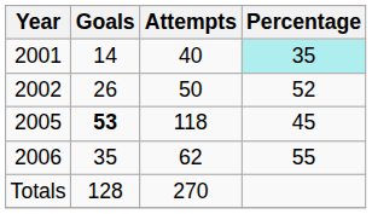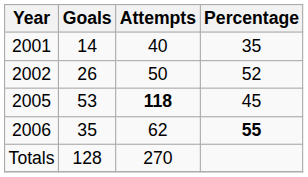 <table class="wikitable" style="text-align:center">
 <tr>
 <th bgcolor="#e5e5e5">Year</th>
 <th bgcolor="#e5e5e5">Goals</th>
 <th bgcolor="#e5e5e5">Attempts</th>
 <th bgcolor="#e5e5e5">Percentage</th>
 </tr>
 <tr>
 <td>2001</td>
 <td>14</td>
 <td>40</td>
-<td style="background: paleturquoise;">35</td>
+<td>35</td>
 </tr>
 <tr>
 <td>2002</td>
 <td>26</td>
 <td>50</td>
 <td>52</td>
 </tr>
 <tr>
 <td>2005</td>
-<td><strong>53</strong></td>
-<td>118</td>
+<td>53</td>
+<td><strong>118</strong></td>
 <td>45</td>
 </tr>
 <tr>
 <td>2006</td>
 <td>35</td>
 <td>62</td>
-<td>55</td>
+<td><strong>55</strong></td>
 </tr>
 <tr>
 <td>Totals</td>
 <td>128</td>
 <td>270</td>
 <td></td>
 </tr>
 <tr>
 </tr>
 </table>
